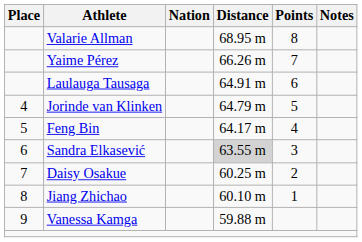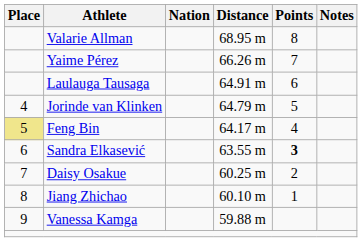 <table class="wikitable mw-datatable sortable" style="text-align:center;">
 <tr>
 <th scope="col">Place</th>
 <th scope="col">Athlete</th>
 <th scope="col">Nation</th>
 <th scope="col">Distance</th>
 <th scope="col">Points</th>
 <th scope="col">Notes</th>
 </tr>
 <tr>
 <td></td>
 <td align="left"><a href='#'>Valarie Allman</a></td>
 <td align="left"></td>
 <td>68.95 m</td>
 <td>8</td>
 <td></td>
 </tr>
 <tr>
 <td></td>
 <td align="left"><a href='#'>Yaime Pérez</a></td>
 <td align="left"></td>
 <td>66.26 m</td>
 <td>7</td>
 <td></td>
 </tr>
 <tr>
 <td></td>
 <td align="left"><a href='#'>Laulauga Tausaga</a></td>
 <td align="left"></td>
 <td>64.91 m</td>
 <td>6</td>
 <td></td>
 </tr>
 <tr>
 <td>4</td>
 <td align="left"><a href='#'>Jorinde van Klinken</a></td>
 <td align="left"></td>
 <td>64.79 m</td>
 <td>5</td>
 <td></td>
 </tr>
 <tr>
-<td>5</td>
+<td style="background: khaki;">5</td>
 <td align="left"><a href='#'>Feng Bin</a></td>
 <td align="left"></td>
 <td>64.17 m</td>
 <td>4</td>
 <td></td>
 </tr>
 <tr>
 <td>6</td>
 <td align="left"><a href='#'>Sandra Elkasević</a></td>
 <td align="left"></td>
-<td style="background: lightgrey;">63.55 m</td>
-<td>3</td>
+<td>63.55 m</td>
+<td><strong>3</strong></td>
 <td></td>
 </tr>
 <tr>
 <td>7</td>
 <td align="left"><a href='#'>Daisy Osakue</a></td>
 <td align="left"></td>
 <td>60.25 m</td>
 <td>2</td>
 <td></td>
 </tr>
 <tr>
 <td>8</td>
 <td align="left"><a href='#'>Jiang Zhichao</a></td>
 <td align="left"></td>
 <td>60.10 m</td>
 <td>1</td>
 <td></td>
 </tr>
 <tr>
 <td>9</td>
 <td align="left"><a href='#'>Vanessa Kamga</a></td>
 <td align="left"></td>
 <td>59.88 m</td>
 <td></td>
 <td></td>
 </tr>
 <tr class="sortbottom">
 <td colspan="6"></td>
 </tr>
 </table>
